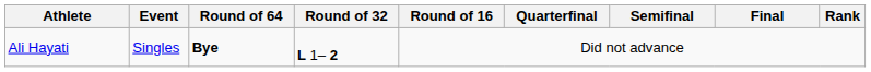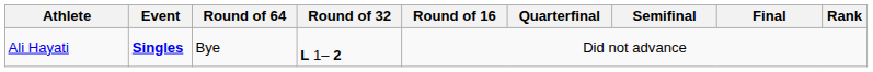 <table class="wikitable" width="98%" style="text-align:left; font-size:90%">
 <tr>
 <th width="13%">Athlete</th>
 <th width="6%">Event</th>
 <th width="11%">Round of 64</th>
 <th width="11%">Round of 32</th>
 <th width="11%">Round of 16</th>
 <th width="11%">Quarterfinal</th>
 <th width="11%">Semifinal</th>
 <th width="11%">Final</th>
 <th width="4%">Rank</th>
 </tr>
 <tr>
 <td><a href='#'>Ali Hayati</a></td>
-<td><a href='#'>Singles</a></td>
-<td><strong>Bye</strong></td>
+<td><strong><a href='#'>Singles</a></strong></td>
+<td>Bye</td>
 <td><br><strong>L</strong> 1– <strong>2</strong></td>
 <td colspan="5" align=center>Did not advance</td>
 </tr>
 </table>
